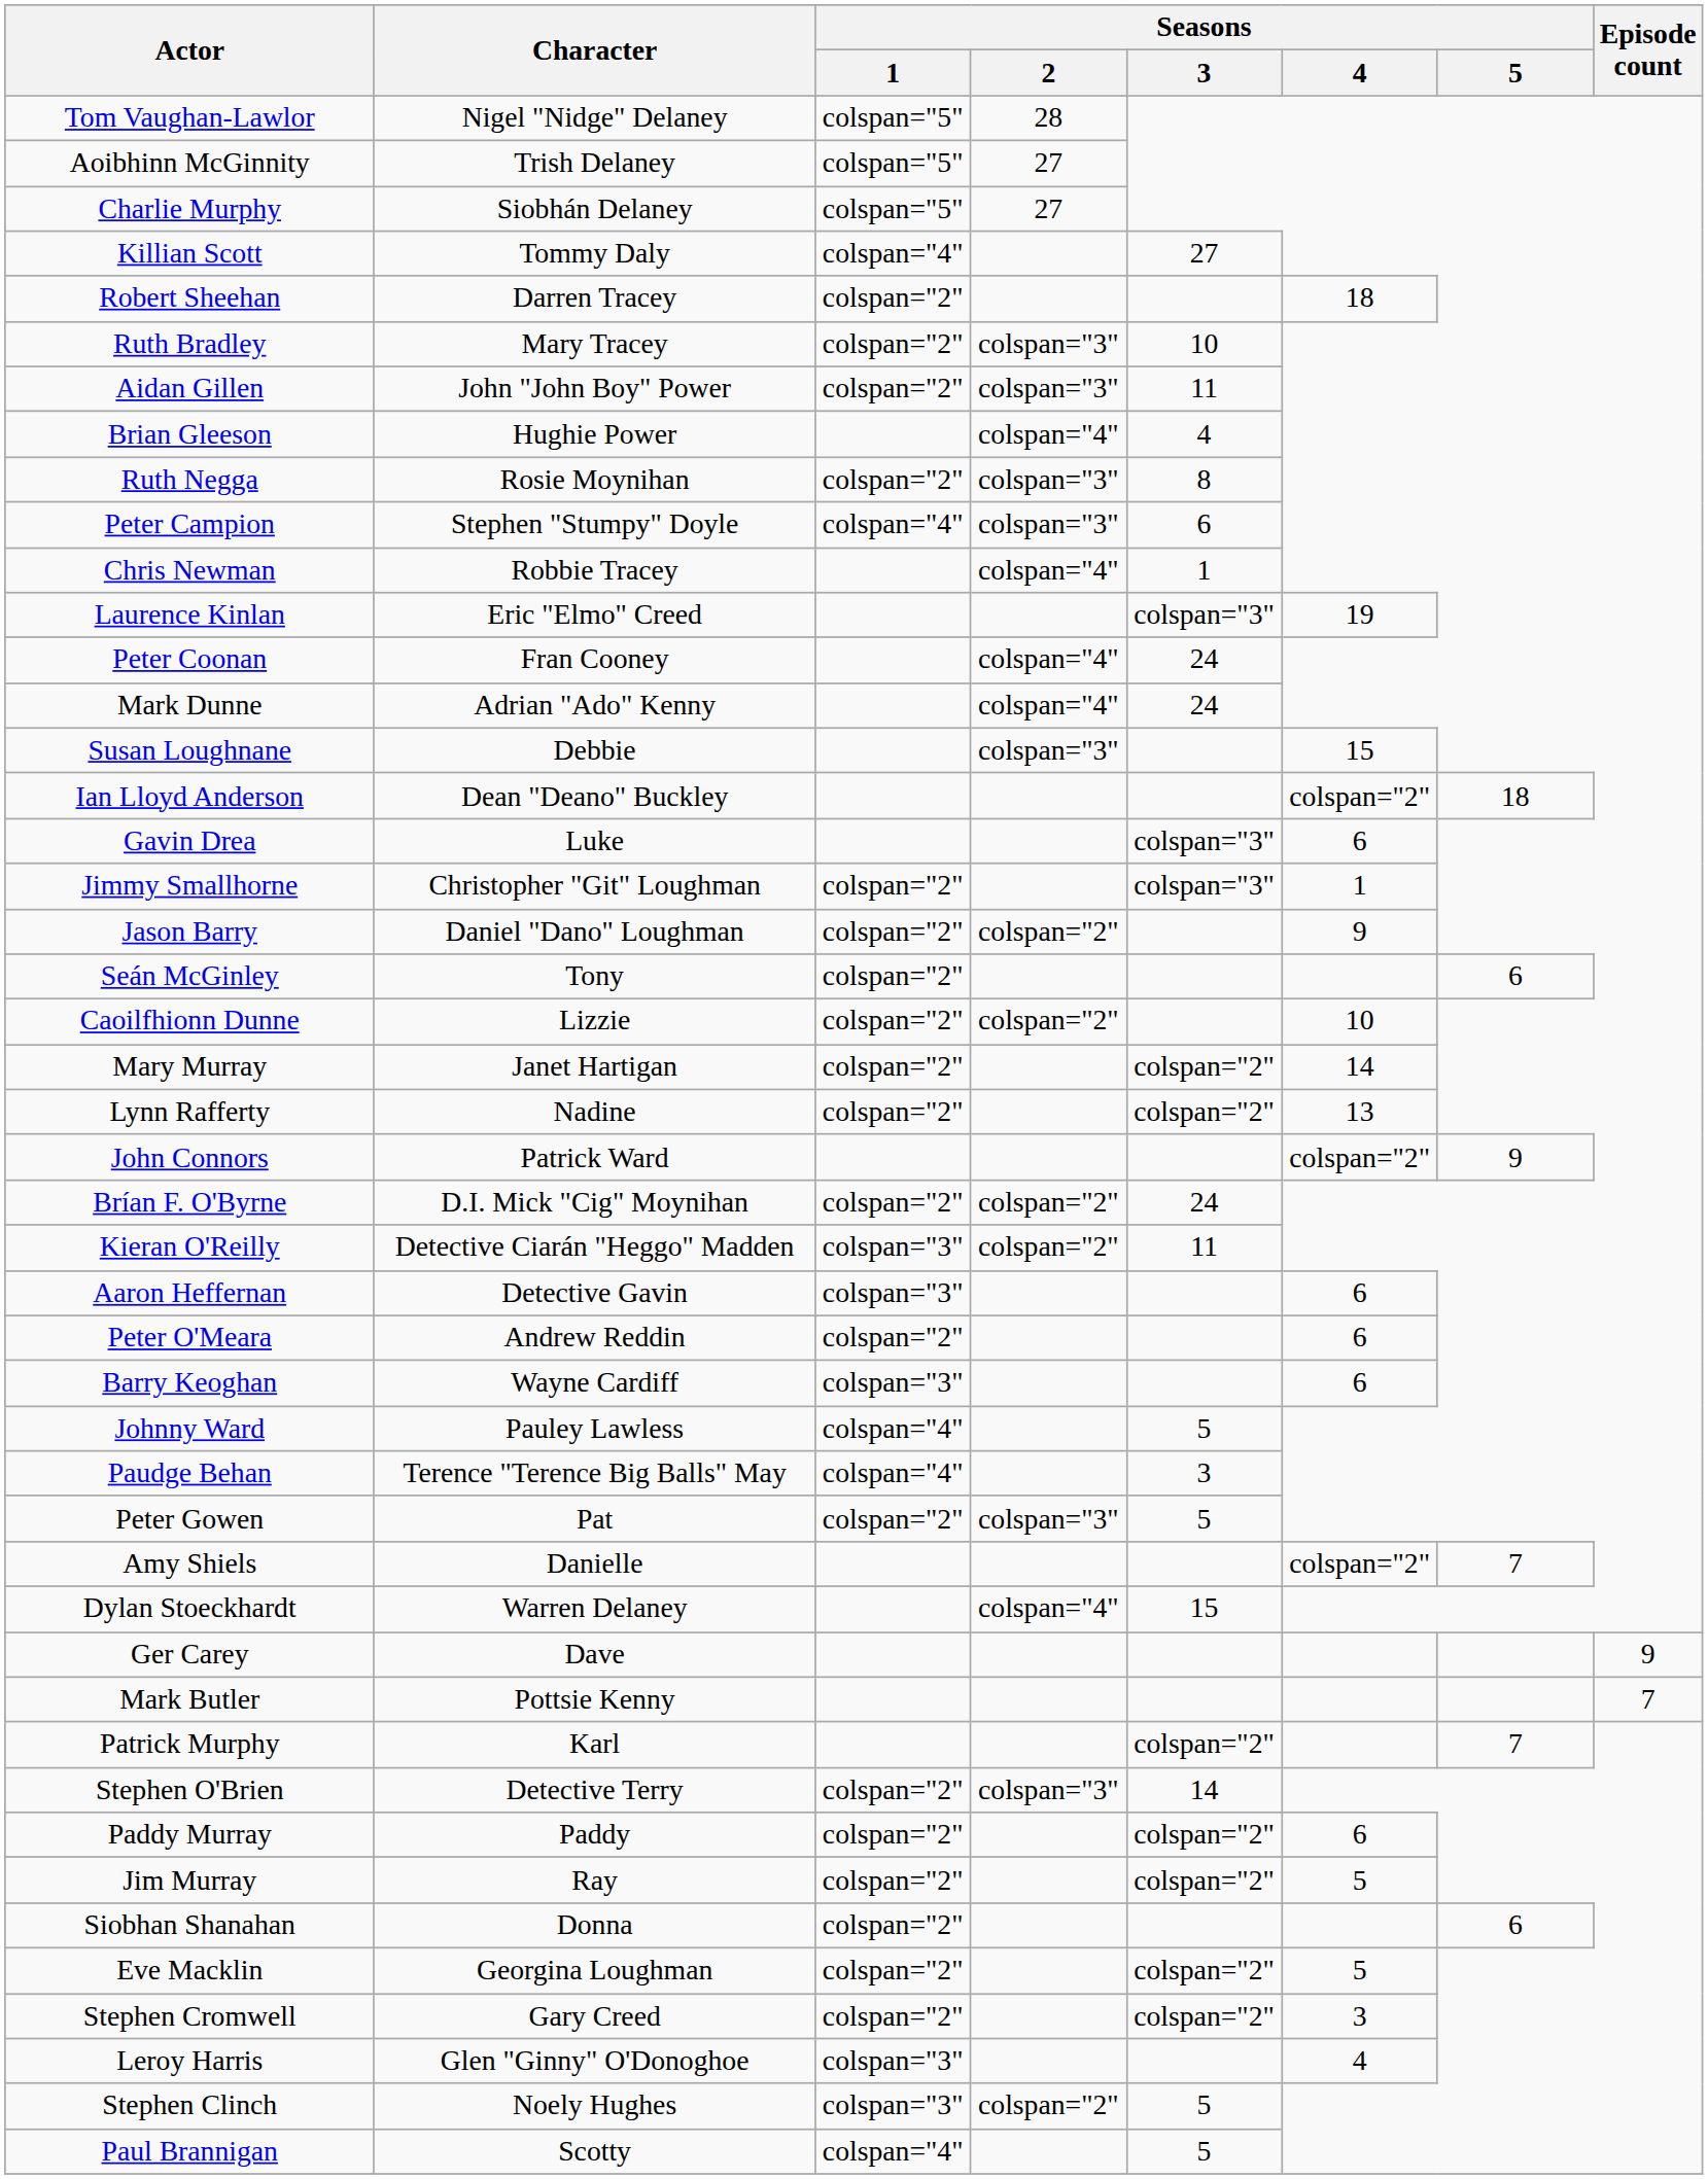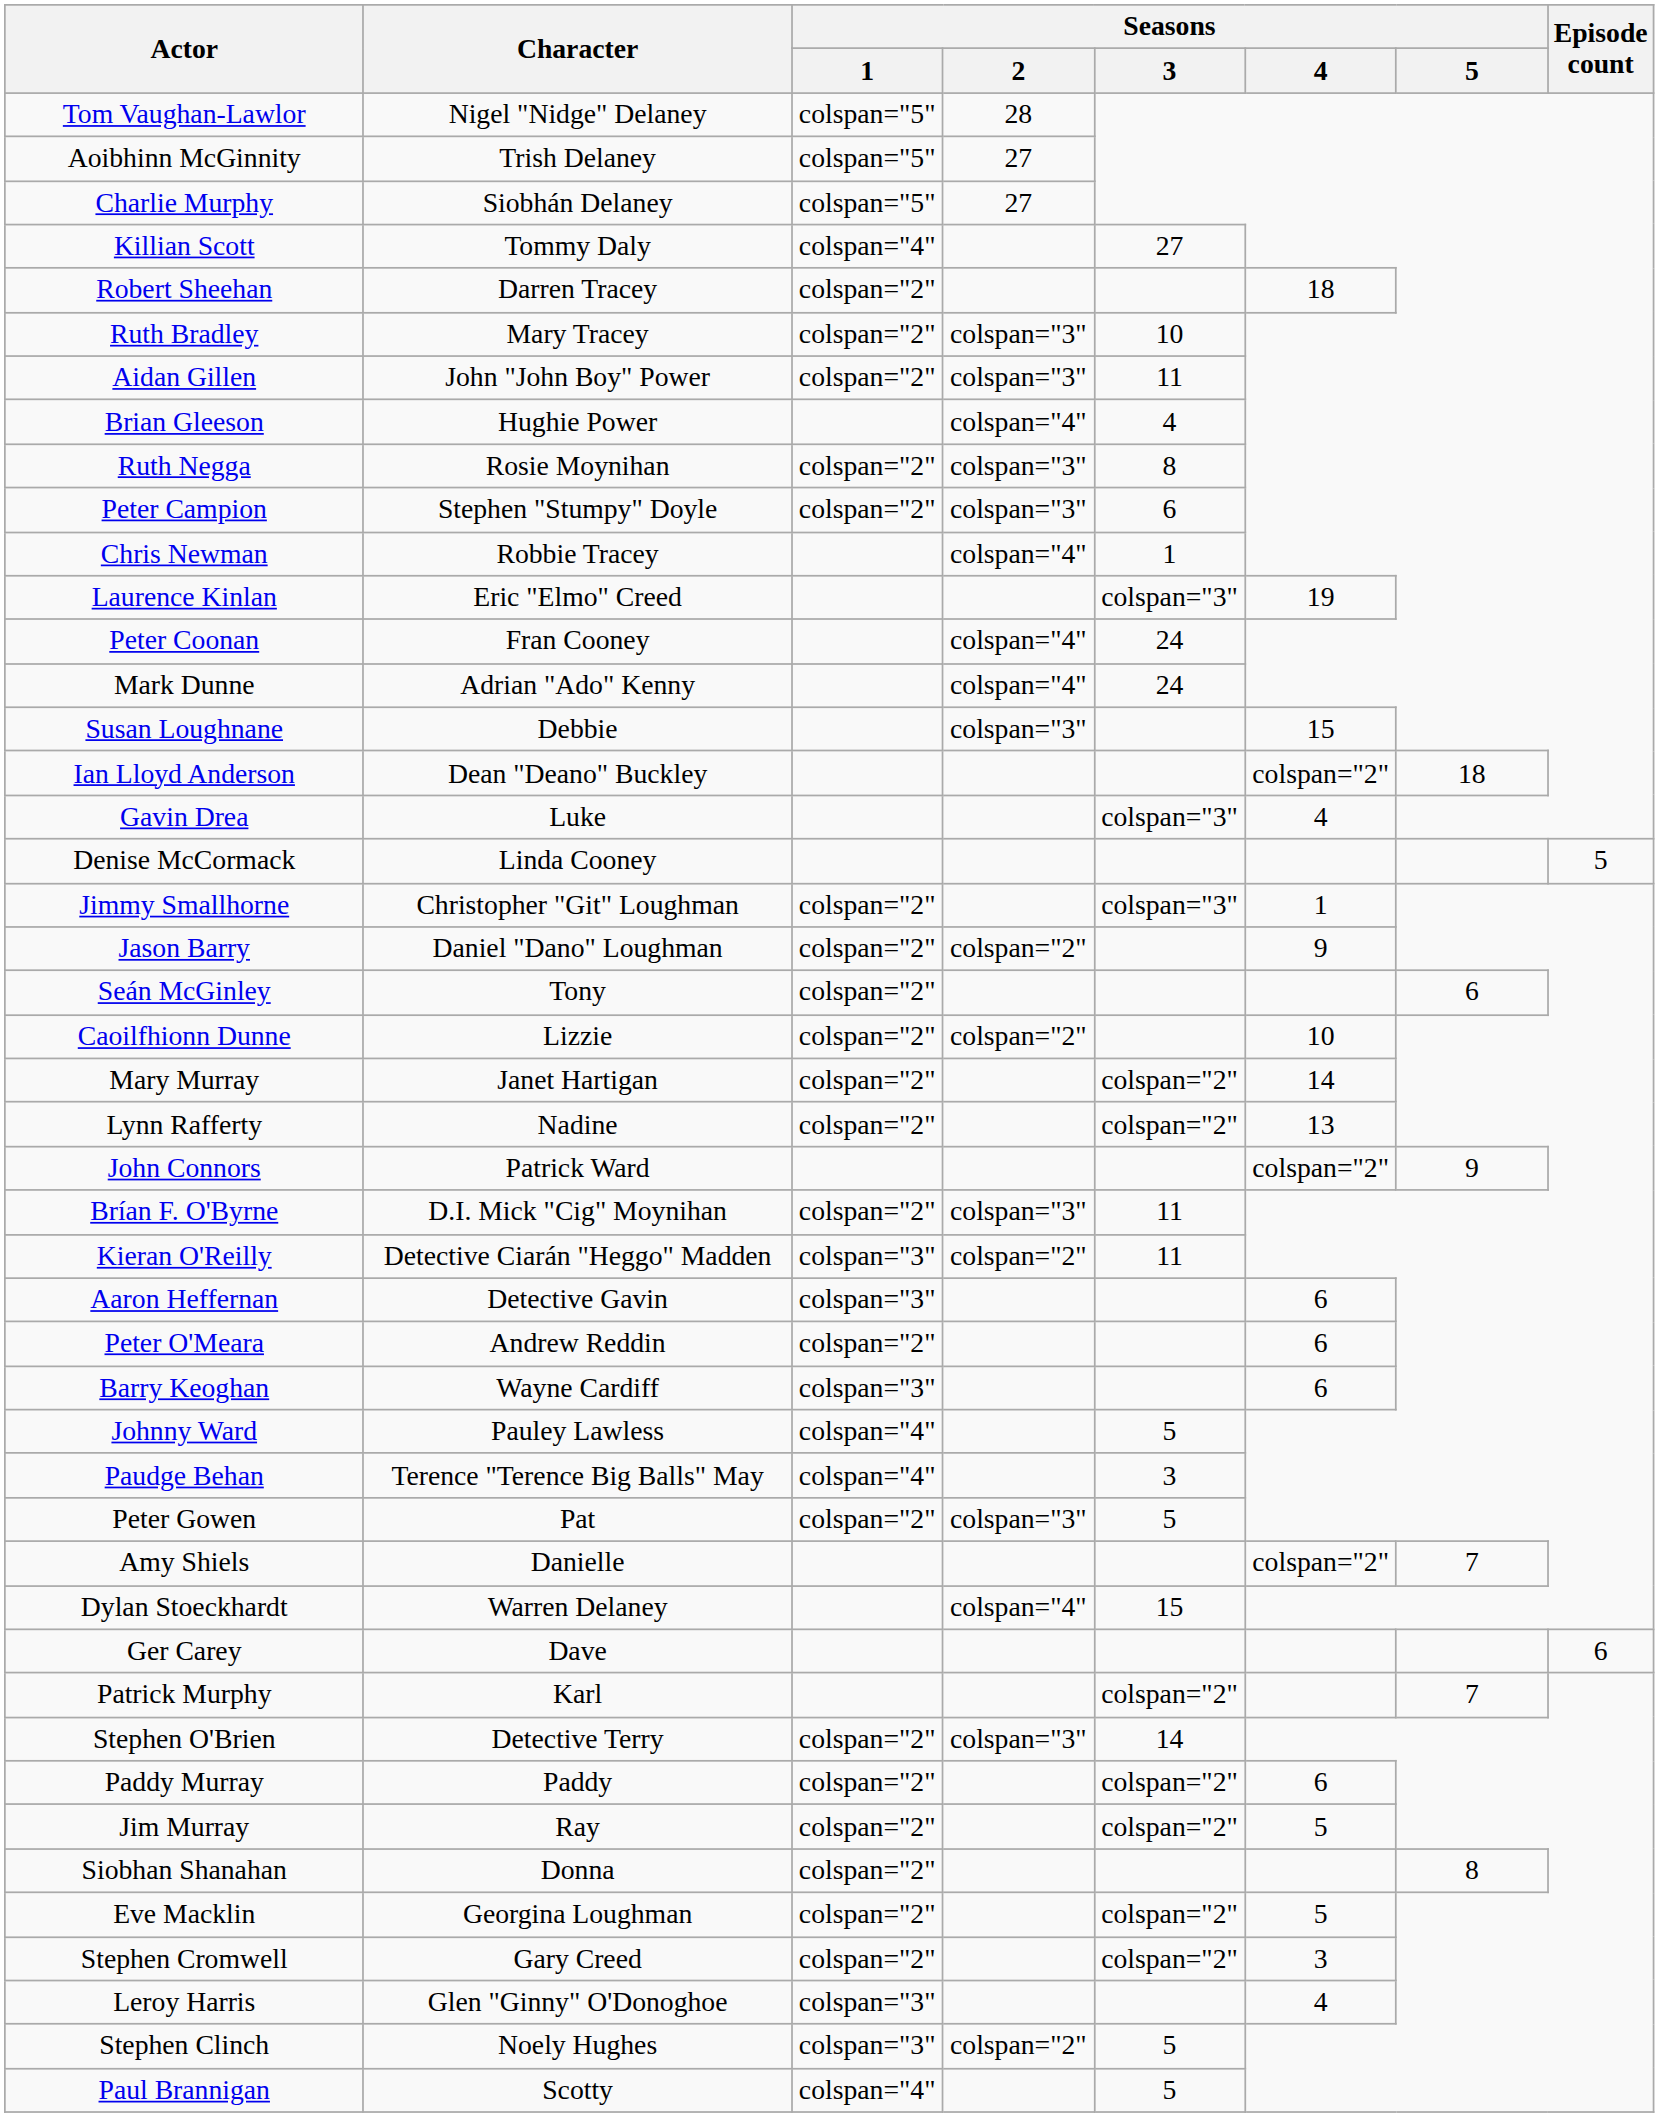 <table class="wikitable sortable" style="text-align:center">
 <tr>
 <th rowspan="2" style="width:200px;" class="unsortable">Actor</th>
 <th rowspan="2" style="width:240px;" class="unsortable">Character</th>
 <th colspan="5">Seasons</th>
 <th rowspan="2" style="width:40px;">Episode count</th>
 </tr>
 <tr>
 <th scope="col" style="width:80px;" class="unsortable">1</th>
 <th scope="col" style="width:80px;" class="unsortable">2</th>
 <th scope="col" style="width:80px;" class="unsortable">3</th>
 <th scope="col" style="width:80px;" class="unsortable">4</th>
 <th scope="col" style="width:80px;" class="unsortable">5</th>
 </tr>
 <tr>
 <td><a href='#'>Tom Vaughan-Lawlor</a></td>
 <td>Nigel "Nidge" Delaney</td>
 <td>colspan="5" </td>
 <td>28</td>
 </tr>
 <tr>
 <td>Aoibhinn McGinnity</td>
 <td>Trish Delaney</td>
 <td>colspan="5" </td>
 <td>27</td>
 </tr>
 <tr>
 <td><a href='#'>Charlie Murphy</a></td>
 <td>Siobhán Delaney</td>
 <td>colspan="5" </td>
 <td>27</td>
 </tr>
 <tr>
 <td><a href='#'>Killian Scott</a></td>
 <td>Tommy Daly</td>
 <td>colspan="4" </td>
 <td></td>
 <td>27</td>
 </tr>
 <tr>
 <td><a href='#'>Robert Sheehan</a></td>
 <td>Darren Tracey</td>
 <td>colspan="2" </td>
 <td></td>
 <td></td>
 <td>18</td>
 </tr>
 <tr>
 <td><a href='#'>Ruth Bradley</a></td>
 <td>Mary Tracey</td>
 <td>colspan="2" </td>
 <td>colspan="3" </td>
 <td>10</td>
 </tr>
 <tr>
 <td><a href='#'>Aidan Gillen</a></td>
 <td>John "John Boy" Power</td>
 <td>colspan="2" </td>
 <td>colspan="3" </td>
 <td>11</td>
 </tr>
 <tr>
 <td><a href='#'>Brian Gleeson</a></td>
 <td>Hughie Power</td>
 <td></td>
 <td>colspan="4" </td>
 <td>4</td>
 </tr>
 <tr>
 <td><a href='#'>Ruth Negga</a></td>
 <td>Rosie Moynihan</td>
 <td>colspan="2" </td>
 <td>colspan="3" </td>
 <td>8</td>
 </tr>
 <tr>
 <td><a href='#'>Peter Campion</a></td>
 <td>Stephen "Stumpy" Doyle</td>
-<td>colspan="4" </td>
+<td>colspan="2" </td>
 <td>colspan="3" </td>
 <td>6</td>
 </tr>
 <tr>
 <td><a href='#'>Chris Newman</a></td>
 <td>Robbie Tracey</td>
 <td></td>
 <td>colspan="4" </td>
 <td>1</td>
 </tr>
 <tr>
 <td><a href='#'>Laurence Kinlan</a></td>
 <td>Eric "Elmo" Creed</td>
 <td></td>
 <td></td>
 <td>colspan="3" </td>
 <td>19</td>
 </tr>
 <tr>
 <td><a href='#'>Peter Coonan</a></td>
 <td>Fran Cooney</td>
 <td></td>
 <td>colspan="4" </td>
 <td>24</td>
 </tr>
 <tr>
 <td>Mark Dunne</td>
 <td>Adrian "Ado" Kenny</td>
 <td></td>
 <td>colspan="4" </td>
 <td>24</td>
 </tr>
 <tr>
 <td><a href='#'>Susan Loughnane</a></td>
 <td>Debbie</td>
 <td></td>
 <td>colspan="3" </td>
 <td></td>
 <td>15</td>
 </tr>
 <tr>
 <td><a href='#'>Ian Lloyd Anderson</a></td>
 <td>Dean "Deano" Buckley</td>
 <td></td>
 <td></td>
 <td></td>
 <td>colspan="2" </td>
 <td>18</td>
 </tr>
 <tr>
 <td><a href='#'>Gavin Drea</a></td>
 <td>Luke</td>
 <td></td>
 <td></td>
 <td>colspan="3" </td>
-<td>6</td>
+<td>4</td>
+</tr>
+<tr>
+<td>Denise McCormack</td>
+<td>Linda Cooney</td>
+<td></td>
+<td></td>
+<td></td>
+<td></td>
+<td></td>
+<td>5</td>
 </tr>
 <tr>
 <td><a href='#'>Jimmy Smallhorne</a></td>
 <td>Christopher "Git" Loughman</td>
 <td>colspan="2" </td>
 <td></td>
 <td>colspan="3" </td>
 <td>1</td>
 </tr>
 <tr>
 <td><a href='#'>Jason Barry</a></td>
 <td>Daniel "Dano" Loughman</td>
 <td>colspan="2" </td>
 <td>colspan="2" </td>
 <td></td>
 <td>9</td>
 </tr>
 <tr>
 <td><a href='#'>Seán McGinley</a></td>
 <td>Tony</td>
 <td>colspan="2" </td>
 <td></td>
 <td></td>
 <td></td>
 <td>6</td>
 </tr>
 <tr>
 <td><a href='#'>Caoilfhionn Dunne</a></td>
 <td>Lizzie</td>
 <td>colspan="2" </td>
 <td>colspan="2" </td>
 <td></td>
 <td>10</td>
 </tr>
 <tr>
 <td>Mary Murray</td>
 <td>Janet Hartigan</td>
 <td>colspan="2" </td>
 <td></td>
 <td>colspan="2" </td>
 <td>14</td>
 </tr>
 <tr>
 <td>Lynn Rafferty</td>
 <td>Nadine</td>
 <td>colspan="2" </td>
 <td></td>
 <td>colspan="2" </td>
 <td>13</td>
 </tr>
 <tr>
 <td><a href='#'>John Connors</a></td>
 <td>Patrick Ward</td>
 <td></td>
 <td></td>
 <td></td>
 <td>colspan="2" </td>
 <td>9</td>
 </tr>
 <tr>
 <td><a href='#'>Brían F. O'Byrne</a></td>
 <td>D.I. Mick "Cig" Moynihan</td>
 <td>colspan="2" </td>
-<td>colspan="2" </td>
-<td>24</td>
+<td>colspan="3" </td>
+<td>11</td>
 </tr>
 <tr>
 <td><a href='#'>Kieran O'Reilly</a></td>
 <td>Detective Ciarán "Heggo" Madden</td>
 <td>colspan="3" </td>
 <td>colspan="2" </td>
 <td>11</td>
 </tr>
 <tr>
 <td><a href='#'>Aaron Heffernan</a></td>
 <td>Detective Gavin</td>
 <td>colspan="3" </td>
 <td></td>
 <td></td>
 <td>6</td>
 </tr>
 <tr>
 <td><a href='#'>Peter O'Meara</a></td>
 <td>Andrew Reddin</td>
 <td>colspan="2" </td>
 <td></td>
 <td></td>
 <td>6</td>
 </tr>
 <tr>
 <td><a href='#'>Barry Keoghan</a></td>
 <td>Wayne Cardiff</td>
 <td>colspan="3" </td>
 <td></td>
 <td></td>
 <td>6</td>
 </tr>
 <tr>
 <td><a href='#'>Johnny Ward</a></td>
 <td>Pauley Lawless</td>
 <td>colspan="4" </td>
 <td></td>
 <td>5</td>
 </tr>
 <tr>
 <td><a href='#'>Paudge Behan</a></td>
 <td>Terence "Terence Big Balls" May</td>
 <td>colspan="4" </td>
 <td></td>
 <td>3</td>
 </tr>
 <tr>
 <td>Peter Gowen</td>
 <td>Pat</td>
 <td>colspan="2" </td>
 <td>colspan="3" </td>
 <td>5</td>
 </tr>
 <tr>
 <td>Amy Shiels</td>
 <td>Danielle</td>
 <td></td>
 <td></td>
 <td></td>
 <td>colspan="2" </td>
 <td>7</td>
 </tr>
 <tr>
 <td>Dylan Stoeckhardt</td>
 <td>Warren Delaney</td>
 <td></td>
 <td>colspan="4" </td>
 <td>15</td>
 </tr>
 <tr>
 <td>Ger Carey</td>
 <td>Dave</td>
 <td></td>
 <td></td>
 <td></td>
 <td></td>
 <td></td>
-<td>9</td>
-</tr>
-<tr>
-<td>Mark Butler</td>
-<td>Pottsie Kenny</td>
-<td></td>
-<td></td>
-<td></td>
-<td></td>
-<td></td>
-<td>7</td>
+<td>6</td>
 </tr>
 <tr>
 <td>Patrick Murphy</td>
 <td>Karl</td>
 <td></td>
 <td></td>
 <td>colspan="2" </td>
 <td></td>
 <td>7</td>
 </tr>
 <tr>
 <td>Stephen O'Brien</td>
 <td>Detective Terry</td>
 <td>colspan="2" </td>
 <td>colspan="3" </td>
 <td>14</td>
 </tr>
 <tr>
 <td>Paddy Murray</td>
 <td>Paddy</td>
 <td>colspan="2" </td>
 <td></td>
 <td>colspan="2" </td>
 <td>6</td>
 </tr>
 <tr>
 <td>Jim Murray</td>
 <td>Ray</td>
 <td>colspan="2" </td>
 <td></td>
 <td>colspan="2" </td>
 <td>5</td>
 </tr>
 <tr>
 <td>Siobhan Shanahan</td>
 <td>Donna</td>
 <td>colspan="2" </td>
 <td></td>
 <td></td>
 <td></td>
-<td>6</td>
+<td>8</td>
 </tr>
 <tr>
 <td>Eve Macklin</td>
 <td>Georgina Loughman</td>
 <td>colspan="2" </td>
 <td></td>
 <td>colspan="2" </td>
 <td>5</td>
 </tr>
 <tr>
 <td>Stephen Cromwell</td>
 <td>Gary Creed</td>
 <td>colspan="2" </td>
 <td></td>
 <td>colspan="2" </td>
 <td>3</td>
 </tr>
 <tr>
 <td>Leroy Harris</td>
 <td>Glen "Ginny" O'Donoghoe</td>
 <td>colspan="3" </td>
 <td></td>
 <td></td>
 <td>4</td>
 </tr>
 <tr>
 <td>Stephen Clinch</td>
 <td>Noely Hughes</td>
 <td>colspan="3" </td>
 <td>colspan="2" </td>
 <td>5</td>
 </tr>
 <tr>
 <td><a href='#'>Paul Brannigan</a></td>
 <td>Scotty</td>
 <td>colspan="4" </td>
 <td></td>
 <td>5</td>
 </tr>
 </table>
